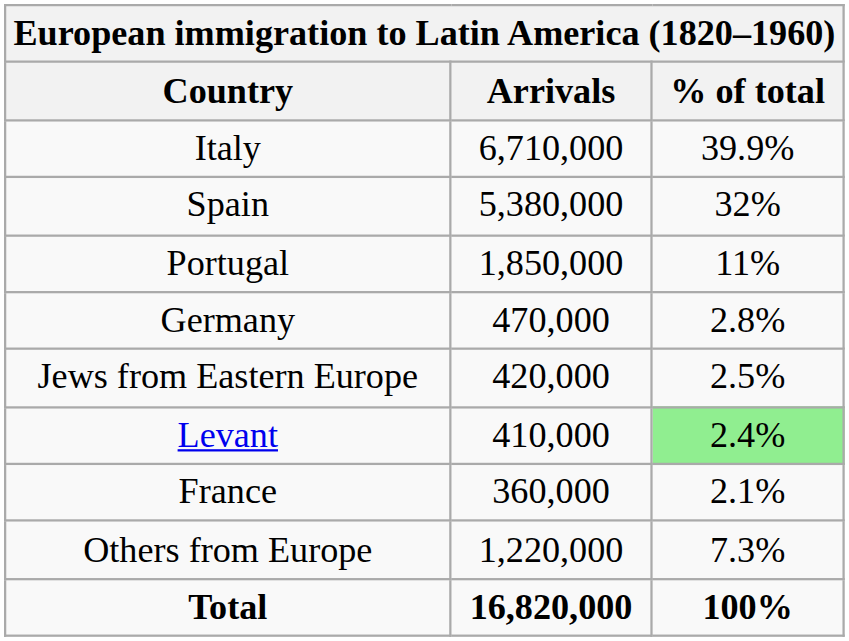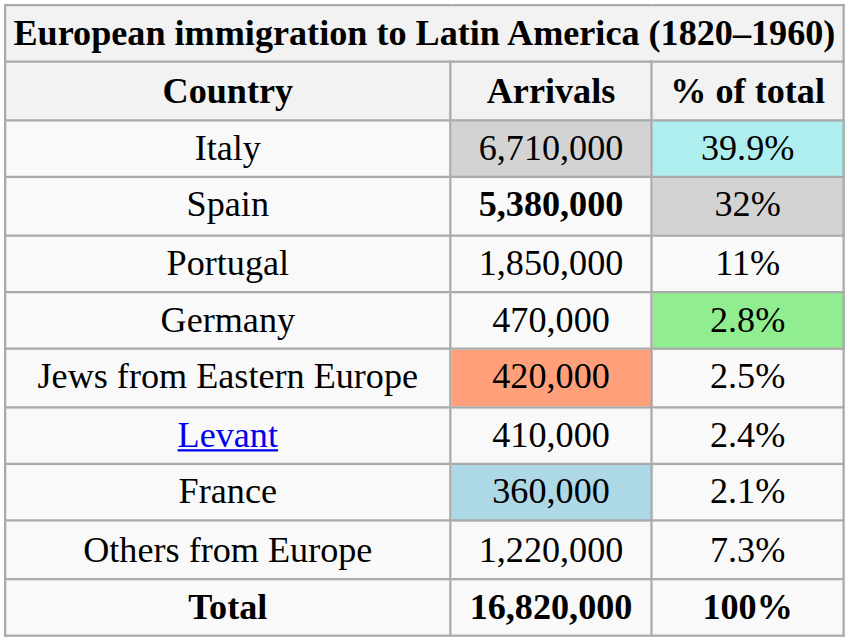 <table class="wikitable" style="text-align:center;">
 <tr>
 <th colspan=6>European immigration to Latin America (1820–1960)</th>
 </tr>
 <tr>
 <th>Country</th>
 <th>Arrivals</th>
 <th>% of total</th>
 </tr>
 <tr>
 <td>Italy</td>
-<td>6,710,000</td>
-<td>39.9%</td>
+<td style="background: lightgrey;">6,710,000</td>
+<td style="background: paleturquoise;">39.9%</td>
 </tr>
 <tr>
 <td>Spain</td>
-<td>5,380,000</td>
-<td>32%</td>
+<td><strong>5,380,000</strong></td>
+<td style="background: lightgrey;">32%</td>
 </tr>
 <tr>
 <td>Portugal</td>
 <td>1,850,000</td>
 <td>11%</td>
 </tr>
 <tr>
 <td>Germany</td>
 <td>470,000</td>
-<td>2.8%</td>
+<td style="background: lightgreen;">2.8%</td>
 </tr>
 <tr>
 <td>Jews from Eastern Europe</td>
-<td>420,000</td>
+<td style="background: lightsalmon;">420,000</td>
 <td>2.5%</td>
 </tr>
 <tr>
 <td><a href='#'>Levant</a></td>
 <td>410,000</td>
-<td style="background: lightgreen;">2.4%</td>
+<td>2.4%</td>
 </tr>
 <tr>
 <td>France</td>
-<td>360,000</td>
+<td style="background: lightblue;">360,000</td>
 <td>2.1%</td>
 </tr>
 <tr>
 <td>Others from Europe</td>
 <td>1,220,000</td>
 <td>7.3%</td>
 </tr>
 <tr>
 <td><strong>Total</strong></td>
 <td><strong>16,820,000</strong></td>
 <td><strong>100%</strong></td>
 </tr>
 </table>
